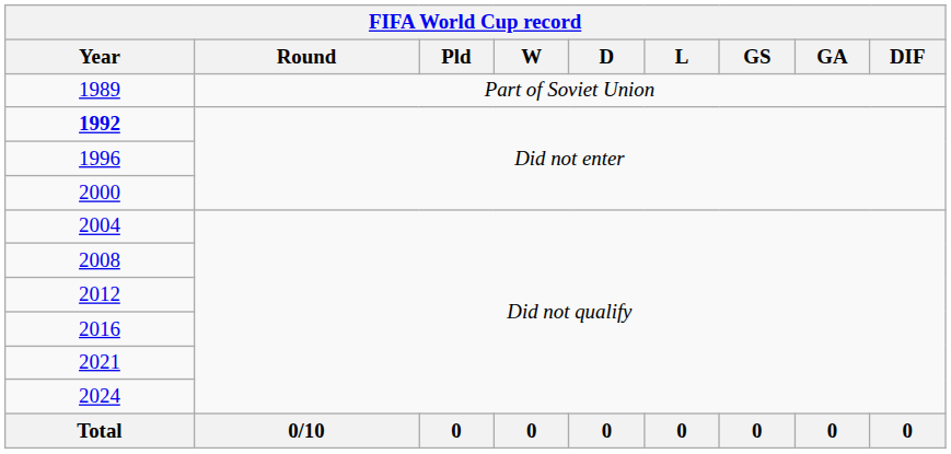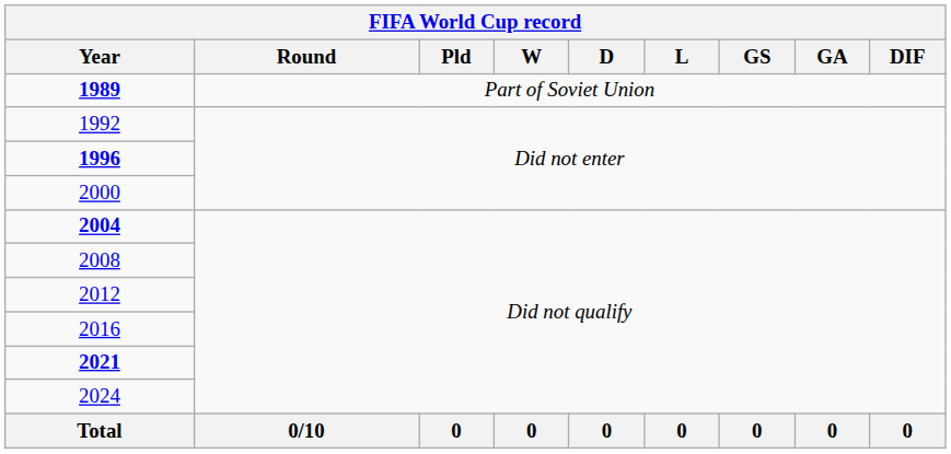 <table class="wikitable" style="text-align: center;font-size:90%;">
 <tr>
 <th colspan=9><a href='#'>FIFA World Cup record</a></th>
 </tr>
 <tr>
 <th width=125px>Year</th>
 <th width=150px>Round</th>
 <th width=8%>Pld</th>
 <th width=8%>W</th>
 <th width=8%>D</th>
 <th width=8%>L</th>
 <th width=8%>GS</th>
 <th width=8%>GA</th>
 <th width=8%>DIF</th>
 </tr>
 <tr>
-<td> <a href='#'>1989</a></td>
+<td><strong> <a href='#'>1989</a></strong></td>
 <td colspan="8"><em>Part of Soviet Union</em></td>
 </tr>
 <tr - bgcolor=>
-<td><strong> <a href='#'>1992</a></strong></td>
+<td> <a href='#'>1992</a></td>
 <td colspan="8" rowspan="3"><em>Did not enter</em></td>
 </tr>
 <tr - bgcolor=>
-<td> <a href='#'>1996</a></td>
+<td><strong> <a href='#'>1996</a></strong></td>
 </tr>
 <tr - bgcolor=>
 <td> <a href='#'>2000</a></td>
 </tr>
 <tr - bgcolor=>
-<td> <a href='#'>2004</a></td>
+<td><strong> <a href='#'>2004</a></strong></td>
 <td colspan="8" rowspan="6"><em>Did not qualify</em></td>
 </tr>
 <tr - bgcolor=>
 <td> <a href='#'>2008</a></td>
 </tr>
 <tr - bgcolor=>
 <td> <a href='#'>2012</a></td>
 </tr>
 <tr - bgcolor=>
 <td> <a href='#'>2016</a></td>
 </tr>
 <tr - bgcolor=>
-<td> <a href='#'>2021</a></td>
+<td><strong> <a href='#'>2021</a></strong></td>
 </tr>
 <tr - bgcolor=>
 <td> <a href='#'>2024</a></td>
 </tr>
 <tr>
 <th><strong>Total</strong></th>
 <th>0/10</th>
 <th>0</th>
 <th>0</th>
 <th>0</th>
 <th>0</th>
 <th>0</th>
 <th>0</th>
 <th>0</th>
 </tr>
 </table>
